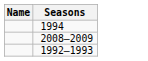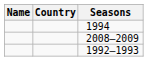 <table class="wikitable sortable" style="text-align:center style="font-size: 85%; line-height: 23px">
 <tr>
 <th scope=col>Name</th>
+<th scope=col>Country</th>
 <th scope=col>Seasons</th>
 </tr>
 <tr>
 <td align="left" style="padding: 0px 5px 0px 10px"></td>
+<td align="left"></td>
 <td style="padding: 0px 5px 0px 10px">1994</td>
 </tr>
 <tr>
 <td align="left" style="padding: 0px 5px 0px 10px"></td>
+<td align="left"></td>
 <td style="padding: 0px 5px 0px 10px">2008–2009</td>
 </tr>
 <tr>
 <td align="left" style="padding: 0px 5px 0px 10px"></td>
+<td align="left"></td>
 <td style="padding: 0px 5px 0px 10px">1992–1993</td>
 </tr>
 </table>
